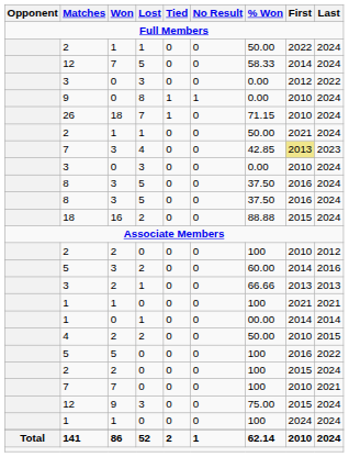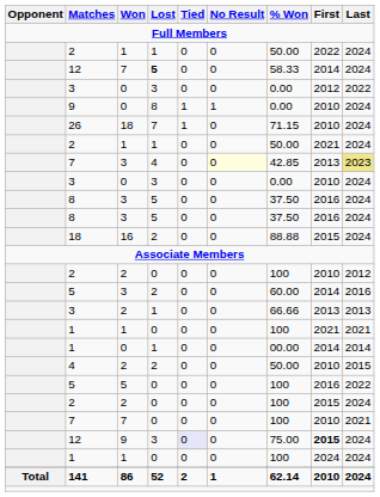 <table class="wikitable plainrowheaders sortable">
 <tr>
 <th scope="col">Opponent</th>
 <th scope="col"><a href='#'>Matches</a></th>
 <th scope="col"><a href='#'>Won</a></th>
 <th scope="col"><a href='#'>Lost</a></th>
 <th scope="col"><a href='#'>Tied</a></th>
 <th scope="col"><a href='#'>No Result</a></th>
 <th scope="col"><a href='#'>% Won</a></th>
 <th scope="col">First</th>
 <th scope="col">Last</th>
 </tr>
 <tr>
 <td style="text-align: center;" colspan="9"><strong><a href='#'>Full Members</a></strong></td>
 </tr>
 <tr>
 <th scope=row></th>
 <td>2</td>
 <td>1</td>
 <td>1</td>
 <td>0</td>
 <td>0</td>
 <td>50.00</td>
 <td>2022</td>
 <td>2024</td>
 </tr>
 <tr>
 <th scope=row></th>
 <td>12</td>
 <td>7</td>
-<td>5</td>
+<td><strong>5</strong></td>
 <td>0</td>
 <td>0</td>
 <td>58.33</td>
 <td>2014</td>
 <td>2024</td>
 </tr>
 <tr>
 <th scope=row></th>
 <td>3</td>
 <td>0</td>
 <td>3</td>
 <td>0</td>
 <td>0</td>
 <td>0.00</td>
 <td>2012</td>
 <td>2022</td>
 </tr>
 <tr>
 <th scope=row></th>
 <td>9</td>
 <td>0</td>
 <td>8</td>
 <td>1</td>
 <td>1</td>
 <td>0.00</td>
 <td>2010</td>
 <td>2024</td>
 </tr>
 <tr>
 <th scope=row></th>
 <td>26</td>
 <td>18</td>
 <td>7</td>
 <td>1</td>
 <td>0</td>
 <td>71.15</td>
 <td>2010</td>
 <td>2024</td>
 </tr>
 <tr>
 <th scope=row></th>
 <td>2</td>
 <td>1</td>
 <td>1</td>
 <td>0</td>
 <td>0</td>
 <td>50.00</td>
 <td>2021</td>
 <td>2024</td>
 </tr>
 <tr>
 <th scope=row></th>
 <td>7</td>
 <td>3</td>
 <td>4</td>
 <td>0</td>
-<td>0</td>
+<td style="background: lightyellow;">0</td>
 <td>42.85</td>
-<td style="background: khaki;">2013</td>
-<td>2023</td>
+<td>2013</td>
+<td style="background: khaki;">2023</td>
 </tr>
 <tr>
 <th scope=row></th>
 <td>3</td>
 <td>0</td>
 <td>3</td>
 <td>0</td>
 <td>0</td>
 <td>0.00</td>
 <td>2010</td>
 <td>2024</td>
 </tr>
 <tr>
 <th scope=row></th>
 <td>8</td>
 <td>3</td>
 <td>5</td>
 <td>0</td>
 <td>0</td>
 <td>37.50</td>
 <td>2016</td>
 <td>2024</td>
 </tr>
 <tr>
 <th scope=row></th>
 <td>8</td>
 <td>3</td>
 <td>5</td>
 <td>0</td>
 <td>0</td>
 <td>37.50</td>
 <td>2016</td>
 <td>2024</td>
 </tr>
 <tr>
 <th scope=row></th>
 <td>18</td>
 <td>16</td>
 <td>2</td>
 <td>0</td>
 <td>0</td>
 <td>88.88</td>
 <td>2015</td>
 <td>2024</td>
 </tr>
 <tr>
 <td colspan="9" style="text-align: center;"><strong><a href='#'>Associate Members</a></strong></td>
 </tr>
 <tr>
 <th scope=row></th>
 <td>2</td>
 <td>2</td>
 <td>0</td>
 <td>0</td>
 <td>0</td>
 <td>100</td>
 <td>2010</td>
 <td>2012</td>
 </tr>
 <tr>
 <th scope=row></th>
 <td>5</td>
 <td>3</td>
 <td>2</td>
 <td>0</td>
 <td>0</td>
 <td>60.00</td>
 <td>2014</td>
 <td>2016</td>
 </tr>
 <tr>
 <th scope=row></th>
 <td>3</td>
 <td>2</td>
 <td>1</td>
 <td>0</td>
 <td>0</td>
 <td>66.66</td>
 <td>2013</td>
 <td>2013</td>
 </tr>
 <tr>
 <th scope=row></th>
 <td>1</td>
 <td>1</td>
 <td>0</td>
 <td>0</td>
 <td>0</td>
 <td>100</td>
 <td>2021</td>
 <td>2021</td>
 </tr>
 <tr>
 <th scope=row></th>
 <td>1</td>
 <td>0</td>
 <td>1</td>
 <td>0</td>
 <td>0</td>
 <td>00.00</td>
 <td>2014</td>
 <td>2014</td>
 </tr>
 <tr>
 <th scope=row></th>
 <td>4</td>
 <td>2</td>
 <td>2</td>
 <td>0</td>
 <td>0</td>
 <td>50.00</td>
 <td>2010</td>
 <td>2015</td>
 </tr>
 <tr>
 <th scope=row></th>
 <td>5</td>
 <td>5</td>
 <td>0</td>
 <td>0</td>
 <td>0</td>
 <td>100</td>
 <td>2016</td>
 <td>2022</td>
 </tr>
 <tr>
 <th scope=row></th>
 <td>2</td>
 <td>2</td>
 <td>0</td>
 <td>0</td>
 <td>0</td>
 <td>100</td>
 <td>2015</td>
 <td>2024</td>
 </tr>
 <tr>
 <th scope=row></th>
 <td>7</td>
 <td>7</td>
 <td>0</td>
 <td>0</td>
 <td>0</td>
 <td>100</td>
 <td>2010</td>
 <td>2021</td>
 </tr>
 <tr>
 <th scope=row></th>
 <td>12</td>
 <td>9</td>
 <td>3</td>
-<td>0</td>
+<td style="background: lavender;">0</td>
 <td>0</td>
 <td>75.00</td>
-<td>2015</td>
+<td><strong>2015</strong></td>
 <td>2024</td>
 </tr>
 <tr>
 <th scope=row></th>
 <td>1</td>
 <td>1</td>
 <td>0</td>
 <td>0</td>
 <td>0</td>
 <td>100</td>
 <td>2024</td>
 <td>2024</td>
 </tr>
 <tr>
 </tr>
 <tr class="sortbottom">
 <th scope="row" style="text-align:center"><strong>Total</strong></th>
 <td><strong>141</strong></td>
 <td><strong>86</strong></td>
 <td><strong>52</strong></td>
 <td><strong>2</strong></td>
 <td><strong>1</strong></td>
 <td><strong>62.14</strong></td>
 <td><strong>2010</strong></td>
 <td><strong>2024</strong></td>
 </tr>
 <tr>
 <td colspan=9></td>
 </tr>
 </table>
